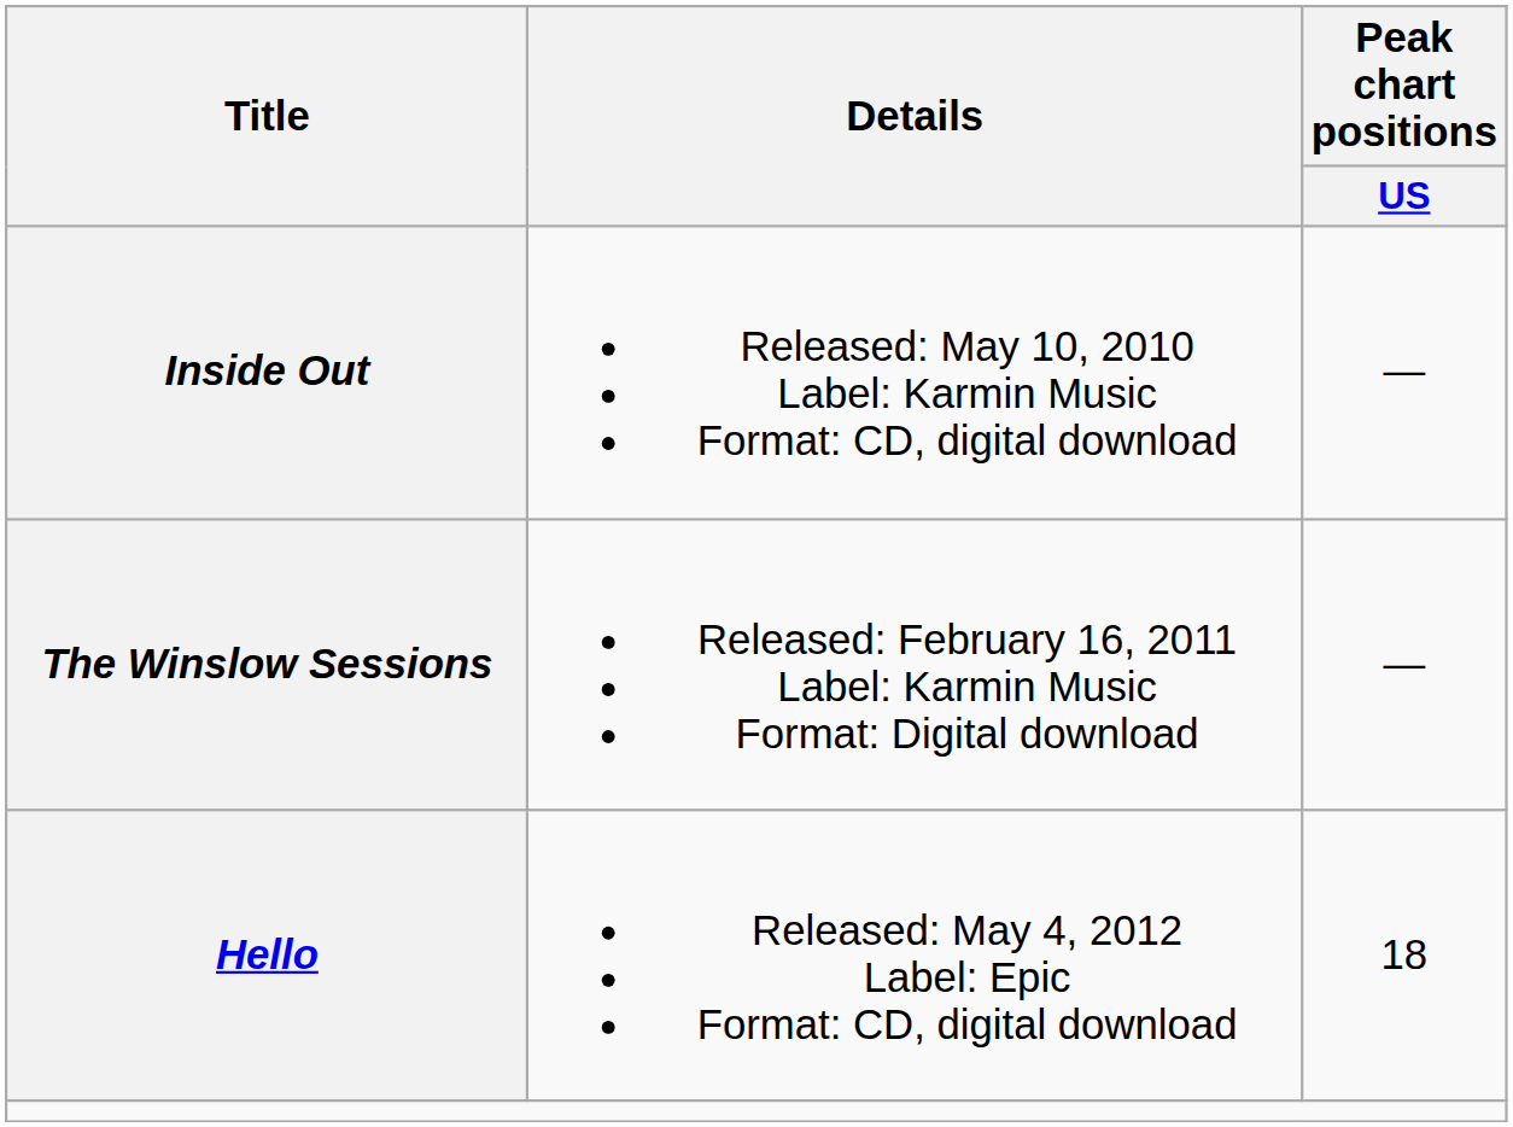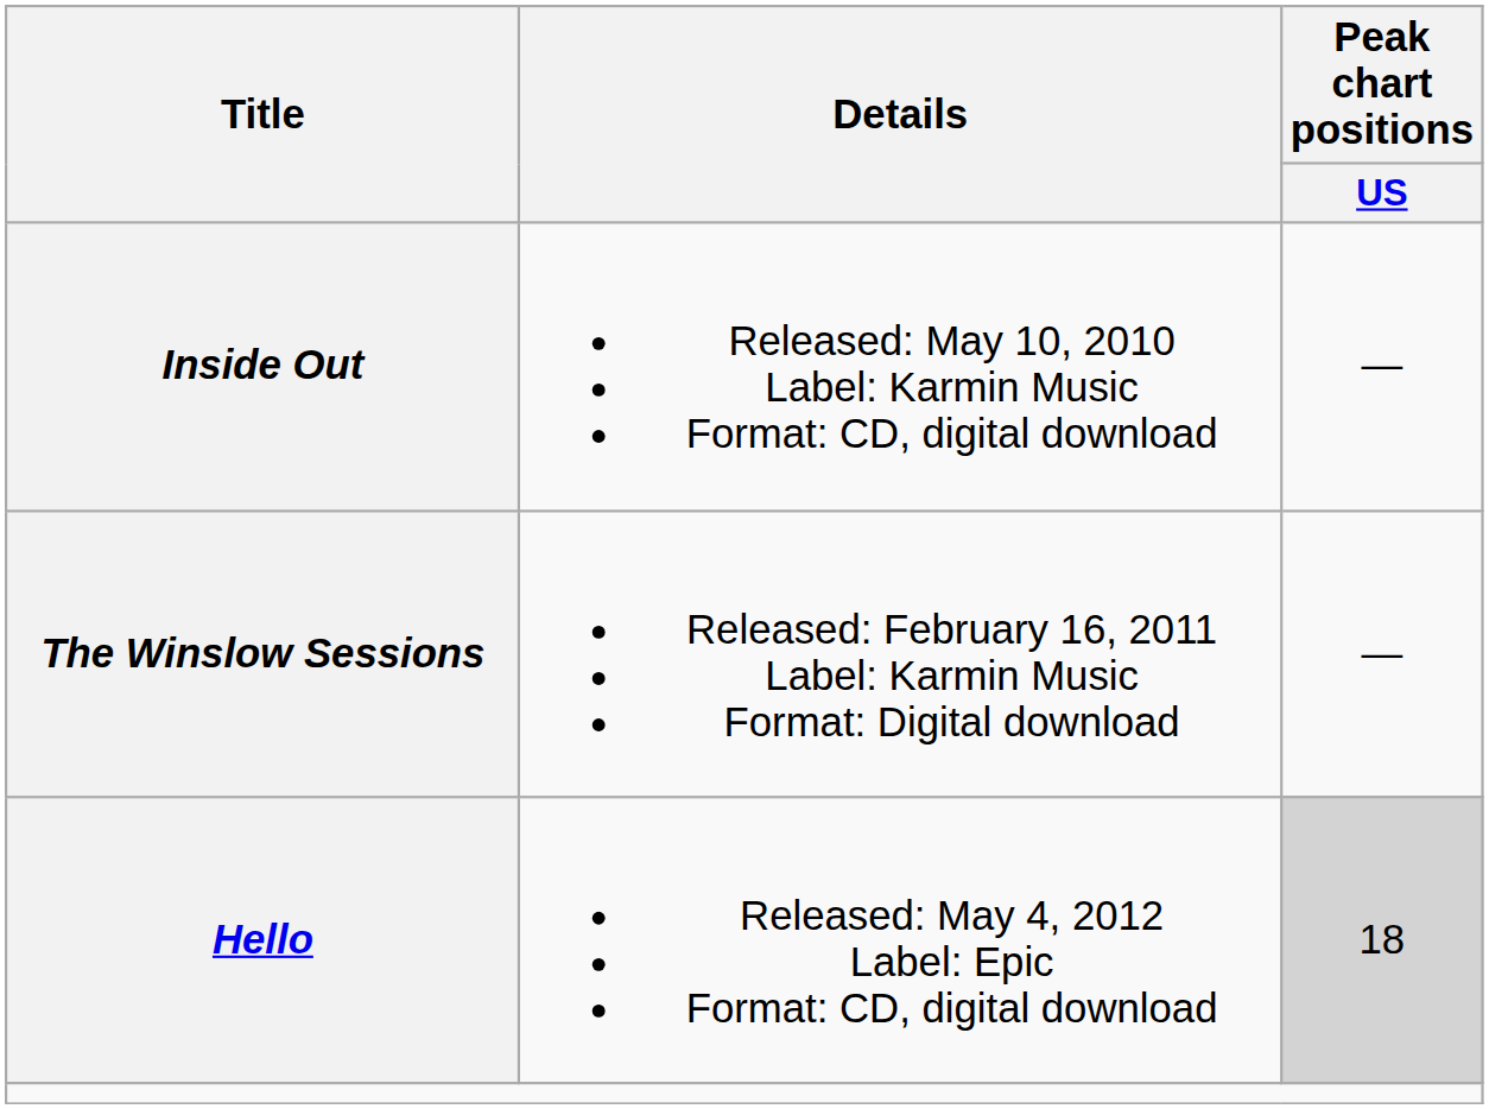 <table class="wikitable plainrowheaders" style="text-align:center;">
 <tr>
 <th scope="col" rowspan="2" style="width:12em;">Title</th>
 <th scope="col" rowspan="2" style="width:18em;">Details</th>
 <th scope="col">Peak chart positions</th>
 </tr>
 <tr>
 <th scope="col" style="width:3em;font-size:90%;"><a href='#'>US</a><br></th>
 </tr>
 <tr>
 <th scope="row"><em>Inside Out</em></th>
 <td><br><ul><li>Released: May 10, 2010</li><li>Label: Karmin Music</li><li>Format: CD, digital download</li></ul></td>
 <td>—</td>
 </tr>
 <tr>
 <th scope="row"><em>The Winslow Sessions</em></th>
 <td><br><ul><li>Released: February 16, 2011</li><li>Label: Karmin Music</li><li>Format: Digital download</li></ul></td>
 <td>—</td>
 </tr>
 <tr>
 <th scope="row"><em><a href='#'>Hello</a></em></th>
 <td><br><ul><li>Released: May 4, 2012</li><li>Label: Epic</li><li>Format: CD, digital download</li></ul></td>
-<td>18</td>
+<td style="background: lightgrey;">18</td>
 </tr>
 <tr>
 <td colspan="3"></td>
 </tr>
 </table>
